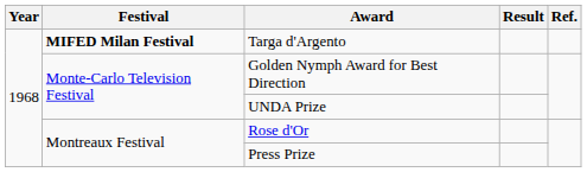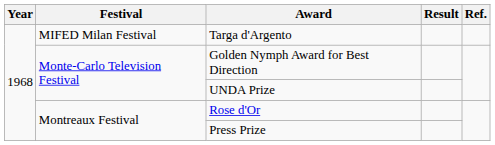 <table class = "wikitable unsortable">
 <tr>
 <th>Year</th>
 <th>Festival</th>
 <th>Award</th>
 <th>Result</th>
 <th>Ref.</th>
 </tr>
 <tr>
 <td rowspan= 5>1968</td>
-<td><strong>MIFED Milan Festival</strong></td>
+<td>MIFED Milan Festival</td>
 <td>Targa d'Argento</td>
 <td></td>
 <td></td>
 </tr>
 <tr>
 <td rowspan= 2><a href='#'>Monte-Carlo Television Festival</a></td>
 <td>Golden Nymph Award for Best Direction</td>
 <td></td>
 <td rowspan= 2></td>
 </tr>
 <tr>
 <td>UNDA Prize</td>
 <td></td>
 </tr>
 <tr>
 <td rowspan= 2>Montreaux Festival</td>
 <td><a href='#'>Rose d'Or</a></td>
 <td></td>
 <td rowspan=2></td>
 </tr>
 <tr>
 <td>Press Prize</td>
 <td></td>
 </tr>
 </table>
